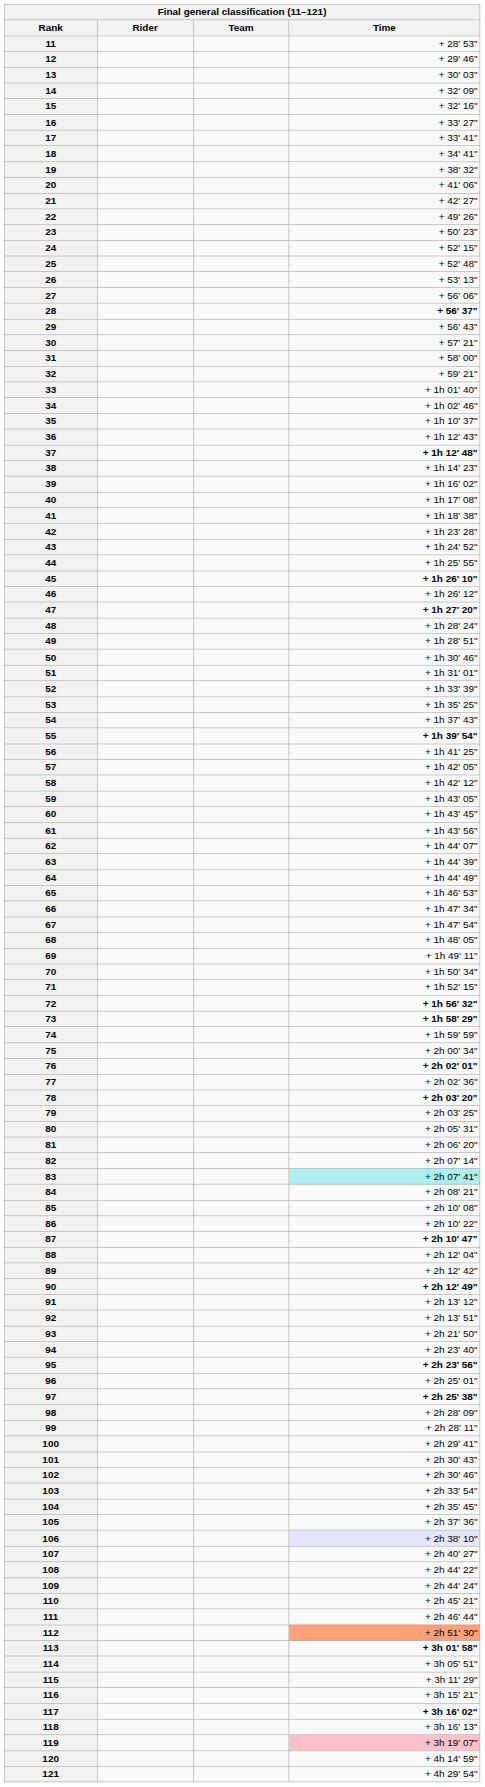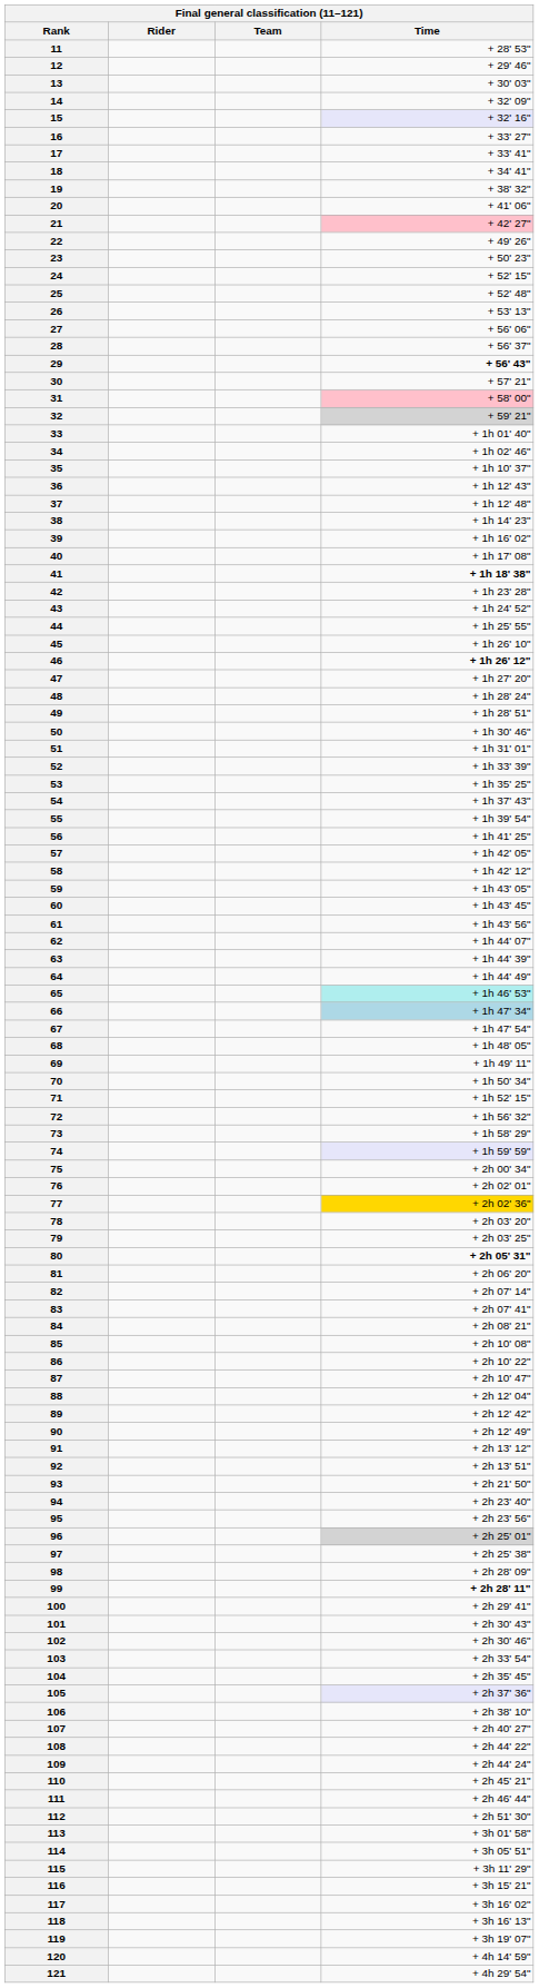 <table class="collapsible collapsed wikitable" style="width:48em;margin-top:-1px;">
 <tr>
 <th scope="col" colspan="4">Final general classification (11–121)</th>
 </tr>
 <tr>
 <th scope="col">Rank</th>
 <th scope="col">Rider</th>
 <th scope="col">Team</th>
 <th scope="col">Time</th>
 </tr>
 <tr |->
 <th scope="row">11</th>
 <td></td>
 <td></td>
 <td style="text-align:right;">+ 28' 53"</td>
 </tr>
 <tr>
 <th scope="row">12</th>
 <td></td>
 <td></td>
 <td style="text-align:right;">+ 29' 46"</td>
 </tr>
 <tr>
 <th scope="row">13</th>
 <td></td>
 <td></td>
 <td style="text-align:right;">+ 30' 03"</td>
 </tr>
 <tr>
 <th scope="row">14</th>
 <td></td>
 <td></td>
 <td style="text-align:right;">+ 32' 09"</td>
 </tr>
 <tr>
 <th scope="row">15</th>
 <td></td>
 <td></td>
-<td style="text-align:right;">+ 32' 16"</td>
+<td style="background: lavender; text-align:right;">+ 32' 16"</td>
 </tr>
 <tr>
 <th scope="row">16</th>
 <td></td>
 <td></td>
 <td style="text-align:right;">+ 33' 27"</td>
 </tr>
 <tr>
 <th scope="row">17</th>
 <td></td>
 <td></td>
 <td style="text-align:right;">+ 33' 41"</td>
 </tr>
 <tr>
 <th scope="row">18</th>
 <td></td>
 <td></td>
 <td style="text-align:right;">+ 34' 41"</td>
 </tr>
 <tr>
 <th scope="row">19</th>
 <td></td>
 <td></td>
 <td style="text-align:right;">+ 38' 32"</td>
 </tr>
 <tr>
 <th scope="row">20</th>
 <td></td>
 <td></td>
 <td style="text-align:right;">+ 41' 06"</td>
 </tr>
 <tr>
 <th scope="row">21</th>
 <td></td>
 <td></td>
-<td style="text-align:right;">+ 42' 27"</td>
+<td style="background: pink; text-align:right;">+ 42' 27"</td>
 </tr>
 <tr>
 <th scope="row">22</th>
 <td></td>
 <td></td>
 <td style="text-align:right;">+ 49' 26"</td>
 </tr>
 <tr>
 <th scope="row">23</th>
 <td></td>
 <td></td>
 <td style="text-align:right;">+ 50' 23"</td>
 </tr>
 <tr>
 <th scope="row">24</th>
 <td></td>
 <td></td>
 <td style="text-align:right;">+ 52' 15"</td>
 </tr>
 <tr>
 <th scope="row">25</th>
 <td></td>
 <td></td>
 <td style="text-align:right;">+ 52' 48"</td>
 </tr>
 <tr>
 <th scope="row">26</th>
 <td></td>
 <td></td>
 <td style="text-align:right;">+ 53' 13"</td>
 </tr>
 <tr>
 <th scope="row">27</th>
 <td></td>
 <td></td>
 <td style="text-align:right;">+ 56' 06"</td>
 </tr>
 <tr>
 <th scope="row">28</th>
 <td></td>
 <td></td>
-<td style="text-align:right;"><strong>+ 56' 37"</strong></td>
+<td style="text-align:right;">+ 56' 37"</td>
 </tr>
 <tr>
 <th scope="row">29</th>
 <td></td>
 <td></td>
-<td style="text-align:right;">+ 56' 43"</td>
+<td style="text-align:right;"><strong>+ 56' 43"</strong></td>
 </tr>
 <tr>
 <th scope="row">30</th>
 <td></td>
 <td></td>
 <td style="text-align:right;">+ 57' 21"</td>
 </tr>
 <tr>
 <th scope="row">31</th>
 <td></td>
 <td></td>
-<td style="text-align:right;">+ 58' 00"</td>
+<td style="background: pink; text-align:right;">+ 58' 00"</td>
 </tr>
 <tr>
 <th scope="row">32</th>
 <td></td>
 <td></td>
-<td style="text-align:right;">+ 59' 21"</td>
+<td style="background: lightgrey; text-align:right;">+ 59' 21"</td>
 </tr>
 <tr>
 <th scope="row">33</th>
 <td></td>
 <td></td>
 <td style="text-align:right;">+ 1h 01' 40"</td>
 </tr>
 <tr>
 <th scope="row">34</th>
 <td></td>
 <td></td>
 <td style="text-align:right;">+ 1h 02' 46"</td>
 </tr>
 <tr>
 <th scope="row">35</th>
 <td></td>
 <td></td>
 <td style="text-align:right;">+ 1h 10' 37"</td>
 </tr>
 <tr>
 <th scope="row">36</th>
 <td></td>
 <td></td>
 <td style="text-align:right;">+ 1h 12' 43"</td>
 </tr>
 <tr>
 <th scope="row">37</th>
 <td></td>
 <td></td>
-<td style="text-align:right;"><strong>+ 1h 12' 48"</strong></td>
+<td style="text-align:right;">+ 1h 12' 48"</td>
 </tr>
 <tr>
 <th scope="row">38</th>
 <td></td>
 <td></td>
 <td style="text-align:right;">+ 1h 14' 23"</td>
 </tr>
 <tr>
 <th scope="row">39</th>
 <td></td>
 <td></td>
 <td style="text-align:right;">+ 1h 16' 02"</td>
 </tr>
 <tr>
 <th scope="row">40</th>
 <td></td>
 <td></td>
 <td style="text-align:right;">+ 1h 17' 08"</td>
 </tr>
 <tr>
 <th scope="row">41</th>
 <td></td>
 <td></td>
-<td style="text-align:right;">+ 1h 18' 38"</td>
+<td style="text-align:right;"><strong>+ 1h 18' 38"</strong></td>
 </tr>
 <tr>
 <th scope="row">42</th>
 <td></td>
 <td></td>
 <td style="text-align:right;">+ 1h 23' 28"</td>
 </tr>
 <tr>
 <th scope="row">43</th>
 <td></td>
 <td></td>
 <td style="text-align:right;">+ 1h 24' 52"</td>
 </tr>
 <tr>
 <th scope="row">44</th>
 <td></td>
 <td></td>
 <td style="text-align:right;">+ 1h 25' 55"</td>
 </tr>
 <tr>
 <th scope="row">45</th>
 <td></td>
 <td></td>
-<td style="text-align:right;"><strong>+ 1h 26' 10"</strong></td>
+<td style="text-align:right;">+ 1h 26' 10"</td>
 </tr>
 <tr>
 <th scope="row">46</th>
 <td></td>
 <td></td>
-<td style="text-align:right;">+ 1h 26' 12"</td>
+<td style="text-align:right;"><strong>+ 1h 26' 12"</strong></td>
 </tr>
 <tr>
 <th scope="row">47</th>
 <td></td>
 <td></td>
-<td style="text-align:right;"><strong>+ 1h 27' 20"</strong></td>
+<td style="text-align:right;">+ 1h 27' 20"</td>
 </tr>
 <tr>
 <th scope="row">48</th>
 <td></td>
 <td></td>
 <td style="text-align:right;">+ 1h 28' 24"</td>
 </tr>
 <tr>
 <th scope="row">49</th>
 <td></td>
 <td></td>
 <td style="text-align:right;">+ 1h 28' 51"</td>
 </tr>
 <tr>
 <th scope="row">50</th>
 <td></td>
 <td></td>
 <td style="text-align:right;">+ 1h 30' 46"</td>
 </tr>
 <tr>
 <th scope="row">51</th>
 <td></td>
 <td></td>
 <td style="text-align:right;">+ 1h 31' 01"</td>
 </tr>
 <tr>
 <th scope="row">52</th>
 <td></td>
 <td></td>
 <td style="text-align:right;">+ 1h 33' 39"</td>
 </tr>
 <tr>
 <th scope="row">53</th>
 <td></td>
 <td></td>
 <td style="text-align:right;">+ 1h 35' 25"</td>
 </tr>
 <tr>
 <th scope="row">54</th>
 <td></td>
 <td></td>
 <td style="text-align:right;">+ 1h 37' 43"</td>
 </tr>
 <tr>
 <th scope="row">55</th>
 <td></td>
 <td></td>
-<td style="text-align:right;"><strong>+ 1h 39' 54"</strong></td>
+<td style="text-align:right;">+ 1h 39' 54"</td>
 </tr>
 <tr>
 <th scope="row">56</th>
 <td></td>
 <td></td>
 <td style="text-align:right;">+ 1h 41' 25"</td>
 </tr>
 <tr>
 <th scope="row">57</th>
 <td></td>
 <td></td>
 <td style="text-align:right;">+ 1h 42' 05"</td>
 </tr>
 <tr>
 <th scope="row">58</th>
 <td></td>
 <td></td>
 <td style="text-align:right;">+ 1h 42' 12"</td>
 </tr>
 <tr>
 <th scope="row">59</th>
 <td></td>
 <td></td>
 <td style="text-align:right;">+ 1h 43' 05"</td>
 </tr>
 <tr>
 <th scope="row">60</th>
 <td></td>
 <td></td>
 <td style="text-align:right;">+ 1h 43' 45"</td>
 </tr>
 <tr>
 <th scope="row">61</th>
 <td></td>
 <td></td>
 <td style="text-align:right;">+ 1h 43' 56"</td>
 </tr>
 <tr>
 <th scope="row">62</th>
 <td></td>
 <td></td>
 <td style="text-align:right;">+ 1h 44' 07"</td>
 </tr>
 <tr>
 <th scope="row">63</th>
 <td></td>
 <td></td>
 <td style="text-align:right;">+ 1h 44' 39"</td>
 </tr>
 <tr>
 <th scope="row">64</th>
 <td></td>
 <td></td>
 <td style="text-align:right;">+ 1h 44' 49"</td>
 </tr>
 <tr>
 <th scope="row">65</th>
 <td></td>
 <td></td>
-<td style="text-align:right;">+ 1h 46' 53"</td>
+<td style="background: paleturquoise; text-align:right;">+ 1h 46' 53"</td>
 </tr>
 <tr>
 <th scope="row">66</th>
 <td> </td>
 <td></td>
-<td style="text-align:right;">+ 1h 47' 34"</td>
+<td style="background: lightblue; text-align:right;">+ 1h 47' 34"</td>
 </tr>
 <tr>
 <th scope="row">67</th>
 <td></td>
 <td></td>
 <td style="text-align:right;">+ 1h 47' 54"</td>
 </tr>
 <tr>
 <th scope="row">68</th>
 <td></td>
 <td></td>
 <td style="text-align:right;">+ 1h 48' 05"</td>
 </tr>
 <tr>
 <th scope="row">69</th>
 <td></td>
 <td></td>
 <td style="text-align:right;">+ 1h 49' 11"</td>
 </tr>
 <tr>
 <th scope="row">70</th>
 <td></td>
 <td></td>
 <td style="text-align:right;">+ 1h 50' 34"</td>
 </tr>
 <tr>
 <th scope="row">71</th>
 <td></td>
 <td></td>
 <td style="text-align:right;">+ 1h 52' 15"</td>
 </tr>
 <tr>
 <th scope="row">72</th>
 <td></td>
 <td></td>
-<td style="text-align:right;"><strong>+ 1h 56' 32"</strong></td>
+<td style="text-align:right;">+ 1h 56' 32"</td>
 </tr>
 <tr>
 <th scope="row">73</th>
 <td></td>
 <td></td>
-<td style="text-align:right;"><strong>+ 1h 58' 29"</strong></td>
+<td style="text-align:right;">+ 1h 58' 29"</td>
 </tr>
 <tr>
 <th scope="row">74</th>
 <td></td>
 <td></td>
-<td style="text-align:right;">+ 1h 59' 59"</td>
+<td style="background: lavender; text-align:right;">+ 1h 59' 59"</td>
 </tr>
 <tr>
 <th scope="row">75</th>
 <td></td>
 <td></td>
 <td style="text-align:right;">+ 2h 00' 34"</td>
 </tr>
 <tr>
 <th scope="row">76</th>
 <td></td>
 <td></td>
-<td style="text-align:right;"><strong>+ 2h 02' 01"</strong></td>
+<td style="text-align:right;">+ 2h 02' 01"</td>
 </tr>
 <tr>
 <th scope="row">77</th>
 <td></td>
 <td></td>
-<td style="text-align:right;">+ 2h 02' 36"</td>
+<td style="background: gold; text-align:right;">+ 2h 02' 36"</td>
 </tr>
 <tr>
 <th scope="row">78</th>
 <td></td>
 <td></td>
-<td style="text-align:right;"><strong>+ 2h 03' 20"</strong></td>
+<td style="text-align:right;">+ 2h 03' 20"</td>
 </tr>
 <tr>
 <th scope="row">79</th>
 <td></td>
 <td></td>
 <td style="text-align:right;">+ 2h 03' 25"</td>
 </tr>
 <tr>
 <th scope="row">80</th>
 <td></td>
 <td></td>
-<td style="text-align:right;">+ 2h 05' 31"</td>
+<td style="text-align:right;"><strong>+ 2h 05' 31"</strong></td>
 </tr>
 <tr>
 <th scope="row">81</th>
 <td></td>
 <td></td>
 <td style="text-align:right;">+ 2h 06' 20"</td>
 </tr>
 <tr>
 <th scope="row">82</th>
 <td></td>
 <td></td>
 <td style="text-align:right;">+ 2h 07' 14"</td>
 </tr>
 <tr>
 <th scope="row">83</th>
 <td></td>
 <td></td>
-<td style="background: paleturquoise; text-align:right;">+ 2h 07' 41"</td>
+<td style="text-align:right;">+ 2h 07' 41"</td>
 </tr>
 <tr>
 <th scope="row">84</th>
 <td></td>
 <td></td>
 <td style="text-align:right;">+ 2h 08' 21"</td>
 </tr>
 <tr>
 <th scope="row">85</th>
 <td></td>
 <td></td>
 <td style="text-align:right;">+ 2h 10' 08"</td>
 </tr>
 <tr>
 <th scope="row">86</th>
 <td></td>
 <td></td>
 <td style="text-align:right;">+ 2h 10' 22"</td>
 </tr>
 <tr>
 <th scope="row">87</th>
 <td></td>
 <td></td>
-<td style="text-align:right;"><strong>+ 2h 10' 47"</strong></td>
+<td style="text-align:right;">+ 2h 10' 47"</td>
 </tr>
 <tr>
 <th scope="row">88</th>
 <td></td>
 <td></td>
 <td style="text-align:right;">+ 2h 12' 04"</td>
 </tr>
 <tr>
 <th scope="row">89</th>
 <td></td>
 <td></td>
 <td style="text-align:right;">+ 2h 12' 42"</td>
 </tr>
 <tr>
 <th scope="row">90</th>
 <td></td>
 <td></td>
-<td style="text-align:right;"><strong>+ 2h 12' 49"</strong></td>
+<td style="text-align:right;">+ 2h 12' 49"</td>
 </tr>
 <tr>
 <th scope="row">91</th>
 <td></td>
 <td></td>
 <td style="text-align:right;">+ 2h 13' 12"</td>
 </tr>
 <tr>
 <th scope="row">92</th>
 <td></td>
 <td></td>
 <td style="text-align:right;">+ 2h 13' 51"</td>
 </tr>
 <tr>
 <th scope="row">93</th>
 <td></td>
 <td></td>
 <td style="text-align:right;">+ 2h 21' 50"</td>
 </tr>
 <tr>
 <th scope="row">94</th>
 <td></td>
 <td></td>
 <td style="text-align:right;">+ 2h 23' 40"</td>
 </tr>
 <tr>
 <th scope="row">95</th>
 <td></td>
 <td></td>
-<td style="text-align:right;"><strong>+ 2h 23' 56"</strong></td>
+<td style="text-align:right;">+ 2h 23' 56"</td>
 </tr>
 <tr>
 <th scope="row">96</th>
 <td></td>
 <td></td>
-<td style="text-align:right;">+ 2h 25' 01"</td>
+<td style="background: lightgrey; text-align:right;">+ 2h 25' 01"</td>
 </tr>
 <tr>
 <th scope="row">97</th>
 <td></td>
 <td></td>
-<td style="text-align:right;"><strong>+ 2h 25' 38"</strong></td>
+<td style="text-align:right;">+ 2h 25' 38"</td>
 </tr>
 <tr>
 <th scope="row">98</th>
 <td></td>
 <td></td>
 <td style="text-align:right;">+ 2h 28' 09"</td>
 </tr>
 <tr>
 <th scope="row">99</th>
 <td></td>
 <td></td>
-<td style="text-align:right;">+ 2h 28' 11"</td>
+<td style="text-align:right;"><strong>+ 2h 28' 11"</strong></td>
 </tr>
 <tr>
 <th scope="row">100</th>
 <td></td>
 <td></td>
 <td style="text-align:right;">+ 2h 29' 41"</td>
 </tr>
 <tr>
 <th scope="row">101</th>
 <td></td>
 <td></td>
 <td style="text-align:right;">+ 2h 30' 43"</td>
 </tr>
 <tr>
 <th scope="row">102</th>
 <td></td>
 <td></td>
 <td style="text-align:right;">+ 2h 30' 46"</td>
 </tr>
 <tr>
 <th scope="row">103</th>
 <td></td>
 <td></td>
 <td style="text-align:right;">+ 2h 33' 54"</td>
 </tr>
 <tr>
 <th scope="row">104</th>
 <td></td>
 <td></td>
 <td style="text-align:right;">+ 2h 35' 45"</td>
 </tr>
 <tr>
 <th scope="row">105</th>
 <td></td>
 <td></td>
-<td style="text-align:right;">+ 2h 37' 36"</td>
+<td style="background: lavender; text-align:right;">+ 2h 37' 36"</td>
 </tr>
 <tr>
 <th scope="row">106</th>
 <td></td>
 <td></td>
-<td style="background: lavender; text-align:right;">+ 2h 38' 10"</td>
+<td style="text-align:right;">+ 2h 38' 10"</td>
 </tr>
 <tr>
 <th scope="row">107</th>
 <td></td>
 <td></td>
 <td style="text-align:right;">+ 2h 40' 27"</td>
 </tr>
 <tr>
 <th scope="row">108</th>
 <td></td>
 <td></td>
 <td style="text-align:right;">+ 2h 44' 22"</td>
 </tr>
 <tr>
 <th scope="row">109</th>
 <td></td>
 <td></td>
 <td style="text-align:right;">+ 2h 44' 24"</td>
 </tr>
 <tr>
 <th scope="row">110</th>
 <td></td>
 <td></td>
 <td style="text-align:right;">+ 2h 45' 21"</td>
 </tr>
 <tr>
 <th scope="row">111</th>
 <td></td>
 <td></td>
 <td style="text-align:right;">+ 2h 46' 44"</td>
 </tr>
 <tr>
 <th scope="row">112</th>
 <td></td>
 <td></td>
-<td style="background: lightsalmon; text-align:right;">+ 2h 51' 30"</td>
+<td style="text-align:right;">+ 2h 51' 30"</td>
 </tr>
 <tr>
 <th scope="row">113</th>
 <td></td>
 <td></td>
-<td style="text-align:right;"><strong>+ 3h 01' 58"</strong></td>
+<td style="text-align:right;">+ 3h 01' 58"</td>
 </tr>
 <tr>
 <th scope="row">114</th>
 <td></td>
 <td></td>
 <td style="text-align:right;">+ 3h 05' 51"</td>
 </tr>
 <tr>
 <th scope="row">115</th>
 <td></td>
 <td></td>
 <td style="text-align:right;">+ 3h 11' 29"</td>
 </tr>
 <tr>
 <th scope="row">116</th>
 <td></td>
 <td></td>
 <td style="text-align:right;">+ 3h 15' 21"</td>
 </tr>
 <tr>
 <th scope="row">117</th>
 <td></td>
 <td></td>
-<td style="text-align:right;"><strong>+ 3h 16' 02"</strong></td>
+<td style="text-align:right;">+ 3h 16' 02"</td>
 </tr>
 <tr>
 <th scope="row">118</th>
 <td></td>
 <td></td>
 <td style="text-align:right;">+ 3h 16' 13"</td>
 </tr>
 <tr>
 <th scope="row">119</th>
 <td></td>
 <td></td>
-<td style="background: pink; text-align:right;">+ 3h 19' 07"</td>
+<td style="text-align:right;">+ 3h 19' 07"</td>
 </tr>
 <tr>
 <th scope="row">120</th>
 <td></td>
 <td></td>
 <td style="text-align:right;">+ 4h 14' 59"</td>
 </tr>
 <tr>
 <th scope="row">121</th>
 <td></td>
 <td></td>
 <td style="text-align:right;">+ 4h 29' 54"</td>
 </tr>
 </table>
